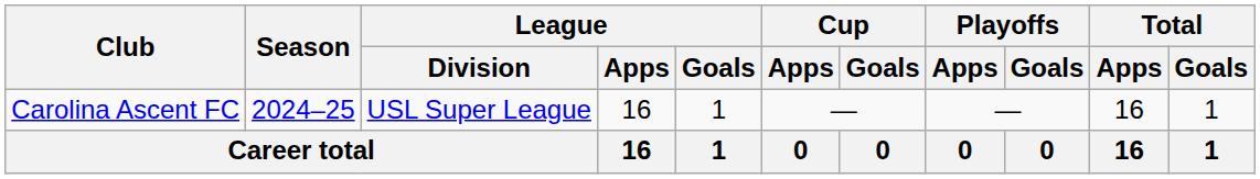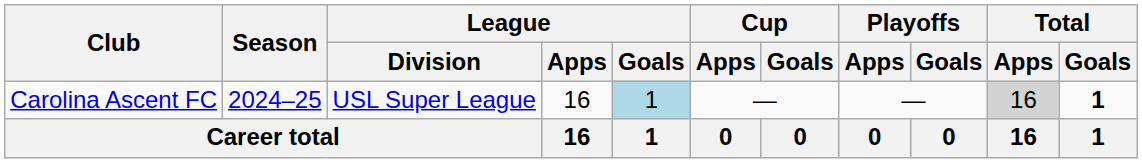 <table class="wikitable" style="text-align: center;">
 <tr>
 <th rowspan="2">Club</th>
 <th rowspan="2">Season</th>
 <th colspan="3">League</th>
 <th colspan="2">Cup</th>
 <th colspan="2">Playoffs</th>
 <th colspan="2">Total</th>
 </tr>
 <tr>
 <th>Division</th>
 <th>Apps</th>
 <th>Goals</th>
 <th>Apps</th>
 <th>Goals</th>
 <th>Apps</th>
 <th>Goals</th>
 <th>Apps</th>
 <th>Goals</th>
 </tr>
 <tr>
 <td><a href='#'>Carolina Ascent FC</a></td>
 <td><a href='#'>2024–25</a></td>
 <td><a href='#'>USL Super League</a></td>
 <td>16</td>
-<td>1</td>
+<td style="background: lightblue;">1</td>
 <td colspan="2">—</td>
 <td colspan="2">—</td>
-<td>16</td>
-<td>1</td>
+<td style="background: lightgrey;">16</td>
+<td><strong>1</strong></td>
 </tr>
 <tr>
 <th colspan="3">Career total</th>
 <th>16</th>
 <th>1</th>
 <th>0</th>
 <th>0</th>
 <th>0</th>
 <th>0</th>
 <th>16</th>
 <th>1</th>
 </tr>
 </table>
